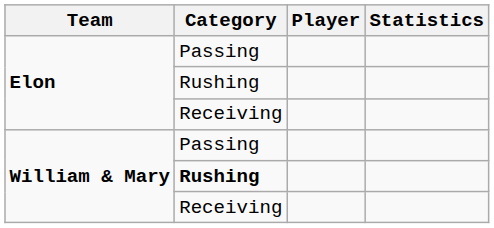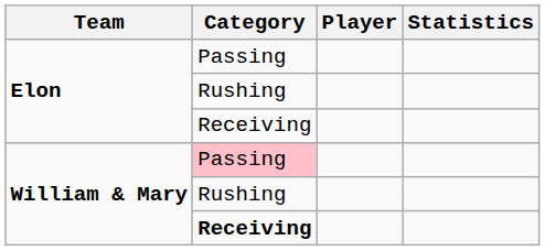 <table class="wikitable" style="float: right;">
 <tr>
 <th>Team</th>
 <th>Category</th>
 <th>Player</th>
 <th>Statistics</th>
 </tr>
 <tr>
 <td rowspan=3><strong>Elon</strong></td>
 <td>Passing</td>
 <td></td>
 <td></td>
 </tr>
 <tr>
 <td>Rushing</td>
 <td></td>
 <td></td>
 </tr>
 <tr>
 <td>Receiving</td>
 <td></td>
 <td></td>
 </tr>
 <tr>
 <td rowspan=3><strong>William & Mary</strong></td>
-<td>Passing</td>
+<td style="background: pink;">Passing</td>
 <td></td>
 <td></td>
 </tr>
 <tr>
-<td><strong>Rushing</strong></td>
+<td>Rushing</td>
 <td></td>
 <td></td>
 </tr>
 <tr>
-<td>Receiving</td>
+<td><strong>Receiving</strong></td>
 <td></td>
 <td></td>
 </tr>
 </table>
